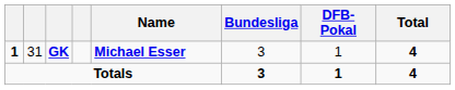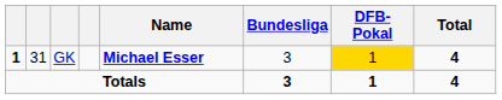 <table class="wikitable" style="text-align:center">
 <tr>
 <th width=15></th>
 <th width=15></th>
 <th width=15></th>
 <th width=15></th>
 <th width=145>Name</th>
 <th width=80><strong><a href='#'>Bundesliga</a></strong></th>
 <th width=80><strong><a href='#'>DFB-Pokal</a></strong></th>
 <th width=80>Total</th>
 </tr>
 <tr>
 <td rowspan=1><strong>1</strong></td>
 <td>31</td>
-<td><strong><a href='#'>GK</a></strong></td>
+<td><a href='#'>GK</a></td>
 <td></td>
 <td align=left><strong><a href='#'>Michael Esser</a></strong></td>
 <td>3</td>
-<td>1</td>
+<td style="background: gold;">1</td>
 <td><strong>4</strong></td>
 </tr>
 <tr>
 <td colspan=5><strong>Totals</strong></td>
 <td><strong>3</strong></td>
 <td><strong>1</strong></td>
 <td><strong>4</strong></td>
 </tr>
 </table>
